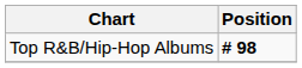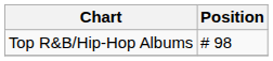 <table class="wikitable">
 <tr>
 <th align="left">Chart</th>
 <th align="left">Position</th>
 </tr>
 <tr>
 <td align="left">Top R&B/Hip-Hop Albums</td>
-<td align="left"><strong># 98</strong></td>
+<td align="left"># 98</td>
 </tr>
 <tr>
 </tr>
 </table>
